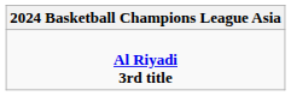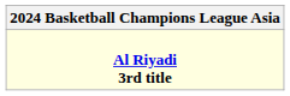 <table class=wikitable style="text-align:center; margin:auto">
 <tr>
 <th>2024 Basketball Champions League Asia</th>
 </tr>
 <tr>
-<td><br><strong><a href='#'>Al Riyadi</a></strong><br><strong>3rd title</strong></td>
+<td style="background: lightyellow;"><br><strong><a href='#'>Al Riyadi</a></strong><br><strong>3rd title</strong></td>
 </tr>
 </table>
